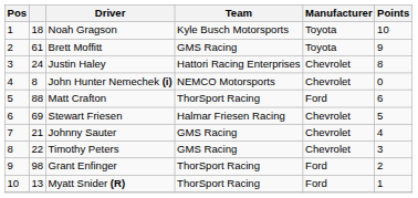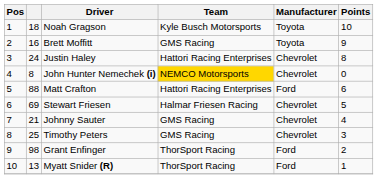 <table class="wikitable" style="font-size:98%">
 <tr>
 <th>Pos</th>
 <th></th>
 <th>Driver</th>
 <th>Team</th>
 <th>Manufacturer</th>
 <th>Points</th>
 </tr>
 <tr>
 <td>1</td>
 <td>18</td>
 <td>Noah Gragson</td>
 <td>Kyle Busch Motorsports</td>
 <td>Toyota</td>
 <td>10</td>
 </tr>
 <tr>
 <td>2</td>
-<td>61</td>
+<td>16</td>
 <td>Brett Moffitt</td>
 <td>GMS Racing</td>
 <td>Toyota</td>
 <td>9</td>
 </tr>
 <tr>
 <td>3</td>
 <td>24</td>
 <td>Justin Haley</td>
 <td>Hattori Racing Enterprises</td>
 <td>Chevrolet</td>
 <td>8</td>
 </tr>
 <tr>
 <td>4</td>
 <td>8</td>
 <td>John Hunter Nemechek <strong>(i)</strong></td>
-<td>NEMCO Motorsports</td>
+<td style="background: gold;">NEMCO Motorsports</td>
 <td>Chevrolet</td>
 <td>0</td>
 </tr>
 <tr>
 <td>5</td>
 <td>88</td>
 <td>Matt Crafton</td>
-<td>ThorSport Racing</td>
+<td>Hattori Racing Enterprises</td>
 <td>Ford</td>
 <td>6</td>
 </tr>
 <tr>
 <td>6</td>
 <td>69</td>
 <td>Stewart Friesen</td>
 <td>Halmar Friesen Racing</td>
 <td>Chevrolet</td>
 <td>5</td>
 </tr>
 <tr>
 <td>7</td>
 <td>21</td>
 <td>Johnny Sauter</td>
 <td>GMS Racing</td>
 <td>Chevrolet</td>
 <td>4</td>
 </tr>
 <tr>
 <td>8</td>
-<td>22</td>
+<td>25</td>
 <td>Timothy Peters</td>
 <td>GMS Racing</td>
 <td>Chevrolet</td>
 <td>3</td>
 </tr>
 <tr>
 <td>9</td>
 <td>98</td>
 <td>Grant Enfinger</td>
 <td>ThorSport Racing</td>
 <td>Ford</td>
 <td>2</td>
 </tr>
 <tr>
 <td>10</td>
 <td>13</td>
 <td>Myatt Snider <strong>(R)</strong></td>
 <td>ThorSport Racing</td>
 <td>Ford</td>
 <td>1</td>
 </tr>
 <tr>
 </tr>
 </table>
